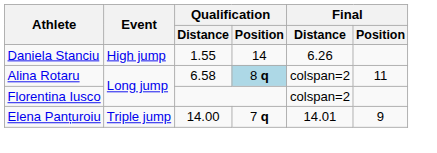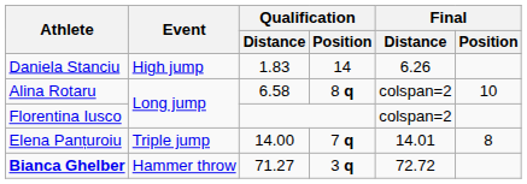 <table class="wikitable" style="font-size:90%">
 <tr>
 <th rowspan="2">Athlete</th>
 <th rowspan="2">Event</th>
 <th colspan="2">Qualification</th>
 <th colspan="2">Final</th>
 </tr>
 <tr style="font-size:95%">
 <th>Distance</th>
 <th>Position</th>
 <th>Distance</th>
 <th>Position</th>
 </tr>
 <tr align="center">
 <td align="left"><a href='#'>Daniela Stanciu</a></td>
 <td align="left"><a href='#'>High jump</a></td>
-<td>1.55</td>
+<td>1.83</td>
 <td>14</td>
 <td>6.26</td>
 </tr>
 <tr align="center">
 <td align="left"><a href='#'>Alina Rotaru</a></td>
 <td align="left" rowspan=2><a href='#'>Long jump</a></td>
 <td>6.58</td>
-<td style="background: lightblue;">8 <strong>q</strong></td>
+<td>8 <strong>q</strong></td>
 <td>colspan=2 </td>
-<td>11</td>
+<td>10</td>
 </tr>
 <tr align="center">
 <td align="left"><a href='#'>Florentina Iusco</a></td>
 <td colspan=2></td>
 <td>colspan=2 </td>
 </tr>
 <tr align="center">
 <td align="left"><a href='#'>Elena Panțuroiu</a></td>
 <td align="left"><a href='#'>Triple jump</a></td>
 <td>14.00 </td>
 <td>7 <strong>q</strong></td>
 <td>14.01 </td>
-<td>9</td>
+<td>8</td>
+</tr>
+<tr align="center">
+<td align="left"><strong><a href='#'>Bianca Ghelber</a></strong></td>
+<td align="left"><a href='#'>Hammer throw</a></td>
+<td>71.27</td>
+<td>3 <strong>q</strong></td>
+<td>72.72</td>
+<td></td>
 </tr>
 </table>
